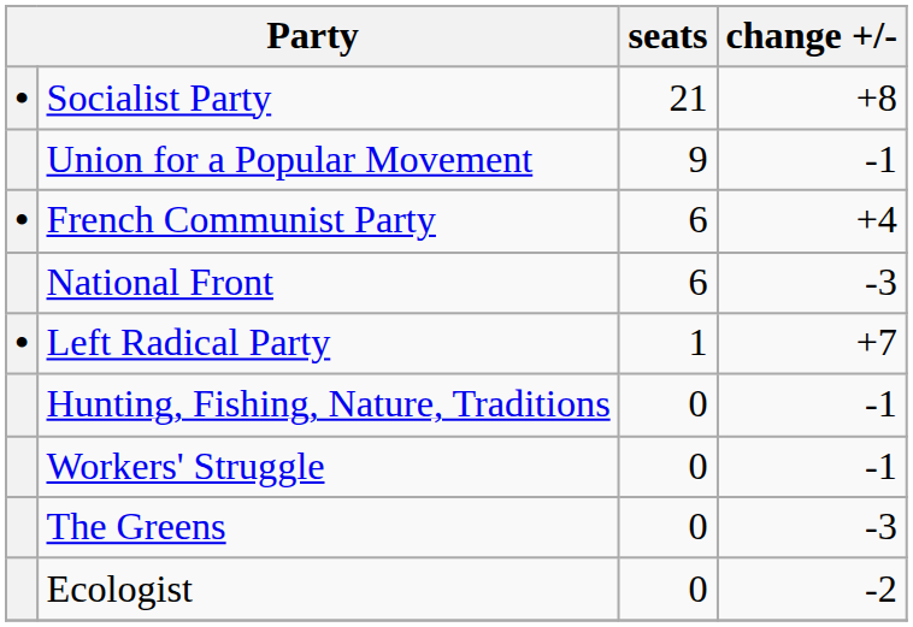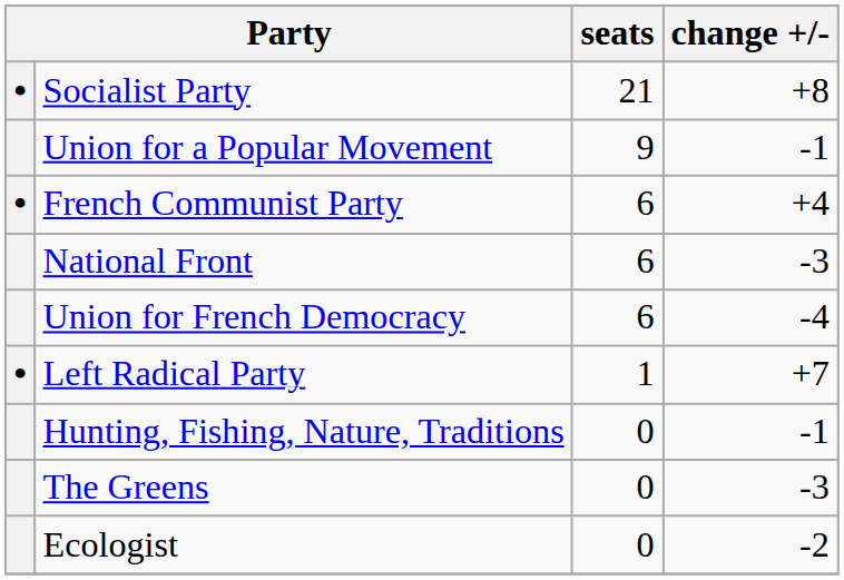 <table class="wikitable">
 <tr>
 <th colspan=2>Party</th>
 <th>seats</th>
 <th>change +/-</th>
 </tr>
 <tr>
 <th style="background-color: "><span>•</span></th>
 <td><a href='#'>Socialist Party</a></td>
 <td align="right">21</td>
 <td align="right">+8</td>
 </tr>
 <tr>
 <th style="background-color: "></th>
 <td><a href='#'>Union for a Popular Movement</a></td>
 <td align="right">9</td>
 <td align="right">-1</td>
 </tr>
 <tr>
 <th style="background-color: "><span>•</span></th>
 <td><a href='#'>French Communist Party</a></td>
 <td align="right">6</td>
 <td align="right">+4</td>
 </tr>
 <tr>
 <th style="background-color: "></th>
 <td><a href='#'>National Front</a></td>
 <td align="right">6</td>
 <td align="right">-3</td>
 </tr>
 <tr>
+<th style="background-color: "></th>
+<td><a href='#'>Union for French Democracy</a></td>
+<td align="right">6</td>
+<td align="right">-4</td>
+</tr>
+<tr>
 <th style="background-color: "><span>•</span></th>
 <td><a href='#'>Left Radical Party</a></td>
 <td align="right">1</td>
 <td align="right">+7</td>
 </tr>
 <tr>
 <th style="background-color: "></th>
 <td><a href='#'>Hunting, Fishing, Nature, Traditions</a></td>
-<td align="right">0</td>
-<td align="right">-1</td>
-</tr>
-<tr>
-<th style="background-color: "></th>
-<td><a href='#'>Workers' Struggle</a></td>
 <td align="right">0</td>
 <td align="right">-1</td>
 </tr>
 <tr>
 <th style="background-color: "></th>
 <td><a href='#'>The Greens</a></td>
 <td align="right">0</td>
 <td align="right">-3</td>
 </tr>
 <tr>
 <th style="background-color: "></th>
 <td>Ecologist</td>
 <td align="right">0</td>
 <td align="right">-2</td>
 </tr>
 <tr>
 </tr>
 </table>
